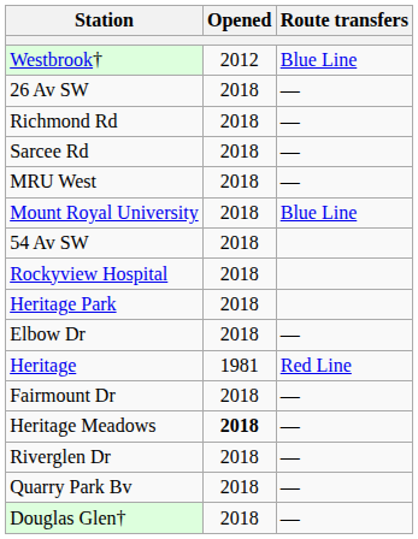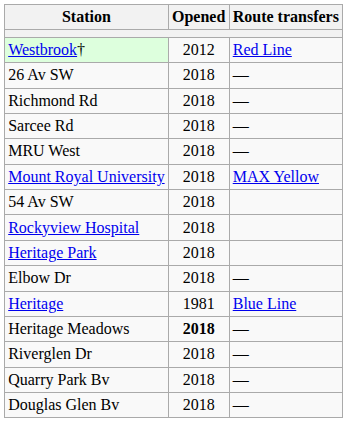 <table class="wikitable sortable">
 <tr>
 <th>Station</th>
 <th data-sort-type="usLongDate">Opened</th>
 <th class="unsortable">Route transfers</th>
 </tr>
 <tr>
 <th colspan=3 style="background:#"></th>
 </tr>
 <tr>
 <td style="background-color:#ddffdd"><a href='#'>Westbrook</a>†</td>
 <td align=center>2012</td>
-<td> <a href='#'>Blue Line</a></td>
+<td> <a href='#'>Red Line</a></td>
 </tr>
 <tr>
 <td>26 Av SW</td>
 <td align=center>2018</td>
 <td>—</td>
 </tr>
 <tr>
 <td>Richmond Rd</td>
 <td align=center>2018</td>
 <td>—</td>
 </tr>
 <tr>
 <td>Sarcee Rd</td>
 <td align=center>2018</td>
 <td>—</td>
 </tr>
 <tr>
 <td>MRU West</td>
 <td align=center>2018</td>
 <td>—</td>
 </tr>
 <tr>
 <td><a href='#'>Mount Royal University</a></td>
 <td align=center>2018</td>
-<td> <a href='#'>Blue Line</a></td>
+<td> <a href='#'>MAX Yellow</a></td>
 </tr>
 <tr>
 <td>54 Av SW</td>
 <td align=center>2018</td>
 <td></td>
 </tr>
 <tr>
 <td><a href='#'>Rockyview Hospital</a></td>
 <td align=center>2018</td>
 <td></td>
 </tr>
 <tr>
 <td><a href='#'>Heritage Park</a></td>
 <td align=center>2018</td>
 <td></td>
 </tr>
 <tr>
 <td>Elbow Dr</td>
 <td align=center>2018</td>
 <td>—</td>
 </tr>
 <tr>
 <td><a href='#'>Heritage</a></td>
 <td align=center>1981</td>
-<td> <a href='#'>Red Line</a></td>
-</tr>
-<tr>
-<td>Fairmount Dr</td>
-<td align=center>2018</td>
-<td>—</td>
+<td> <a href='#'>Blue Line</a></td>
 </tr>
 <tr>
 <td>Heritage Meadows</td>
 <td align=center><strong>2018</strong></td>
 <td>—</td>
 </tr>
 <tr>
 <td>Riverglen Dr</td>
 <td align=center>2018</td>
 <td>—</td>
 </tr>
 <tr>
 <td>Quarry Park Bv</td>
 <td align=center>2018</td>
 <td>—</td>
 </tr>
 <tr>
-<td style="background-color:#ddffdd">Douglas Glen†</td>
+<td>Douglas Glen Bv</td>
 <td align=center>2018</td>
 <td>—</td>
 </tr>
 </table>
